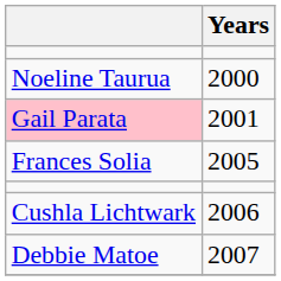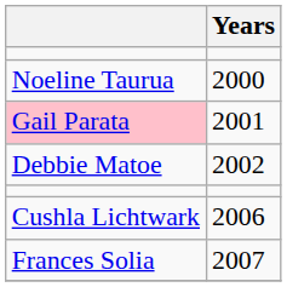 <table class="wikitable collapsible">
 <tr>
 <th></th>
 <th>Years</th>
 </tr>
 <tr>
 <td></td>
 </tr>
 <tr>
 <td><a href='#'>Noeline Taurua</a></td>
 <td>2000</td>
 </tr>
 <tr>
 <td style="background: pink;"><a href='#'>Gail Parata</a></td>
 <td>2001</td>
 </tr>
 <tr>
-<td><a href='#'>Frances Solia</a></td>
-<td>2005</td>
+<td><a href='#'>Debbie Matoe</a></td>
+<td>2002</td>
 </tr>
 <tr>
 <td></td>
 </tr>
 <tr>
 <td><a href='#'>Cushla Lichtwark</a></td>
 <td>2006</td>
 </tr>
 <tr>
-<td><a href='#'>Debbie Matoe</a></td>
+<td><a href='#'>Frances Solia</a></td>
 <td>2007</td>
 </tr>
 <tr>
 </tr>
 </table>
